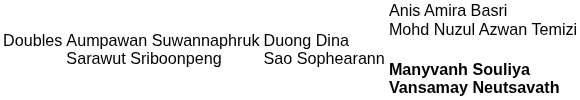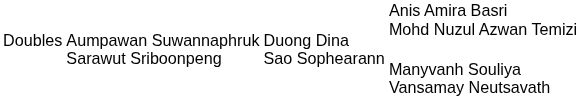 <table>
 <tr>
 <td rowspan=2>Doubles</td>
 <td nowrap=true rowspan=2><br>Aumpawan Suwannaphruk<br>Sarawut Sriboonpeng</td>
 <td nowrap=true rowspan=2><br>Duong Dina<br>Sao Sophearann</td>
 <td nowrap=true><br>Anis Amira Basri<br>Mohd Nuzul Azwan Temizi</td>
 </tr>
 <tr>
-<td><strong><br>Manyvanh Souliya<br>Vansamay Neutsavath</strong></td>
+<td><br>Manyvanh Souliya<br>Vansamay Neutsavath</td>
 </tr>
 </table>
